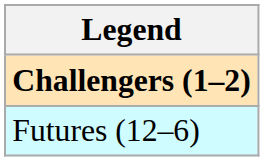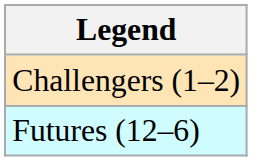 <table class="wikitable">
 <tr>
 <th>Legend</th>
 </tr>
 <tr bgcolor="moccasin">
-<td><strong>Challengers (1–2)</strong></td>
+<td>Challengers (1–2)</td>
 </tr>
 <tr bgcolor="CFFCFF">
 <td>Futures (12–6)</td>
 </tr>
 </table>
